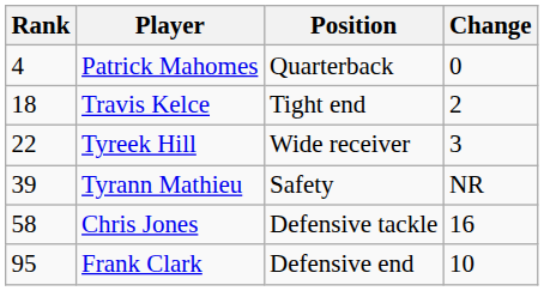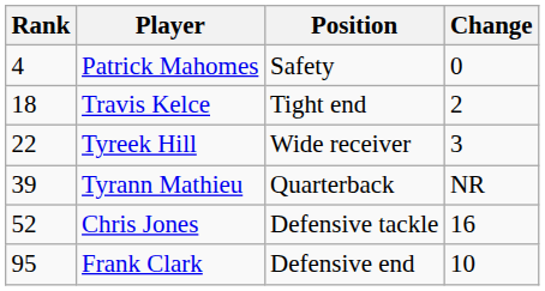 <table class="wikitable">
 <tr>
 <th>Rank</th>
 <th>Player</th>
 <th>Position</th>
 <th>Change</th>
 </tr>
 <tr>
 <td>4</td>
 <td><a href='#'>Patrick Mahomes</a></td>
-<td>Quarterback</td>
+<td>Safety</td>
 <td> 0</td>
 </tr>
 <tr>
 <td>18</td>
 <td><a href='#'>Travis Kelce</a></td>
 <td>Tight end</td>
 <td> 2</td>
 </tr>
 <tr>
 <td>22</td>
 <td><a href='#'>Tyreek Hill</a></td>
 <td>Wide receiver</td>
 <td> 3</td>
 </tr>
 <tr>
 <td>39</td>
 <td><a href='#'>Tyrann Mathieu</a></td>
-<td>Safety</td>
+<td>Quarterback</td>
 <td>NR</td>
 </tr>
 <tr>
-<td>58</td>
+<td>52</td>
 <td><a href='#'>Chris Jones</a></td>
 <td>Defensive tackle</td>
 <td> 16</td>
 </tr>
 <tr>
 <td>95</td>
 <td><a href='#'>Frank Clark</a></td>
 <td>Defensive end</td>
 <td> 10</td>
 </tr>
 </table>
